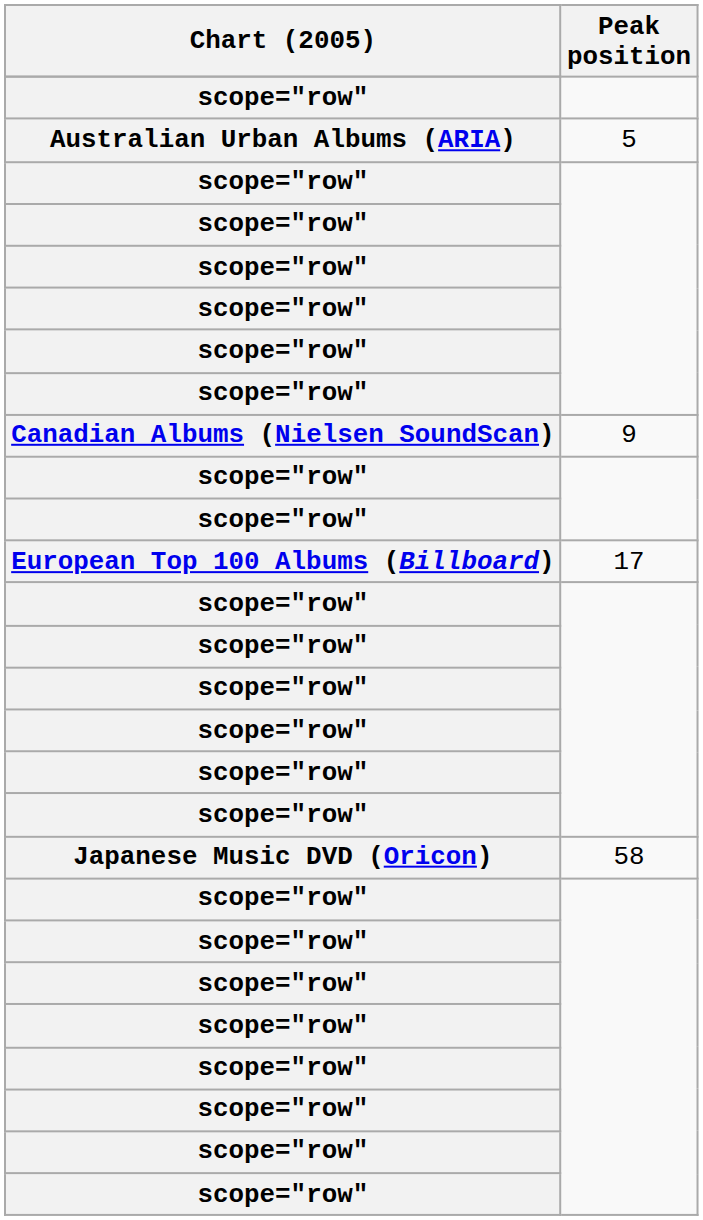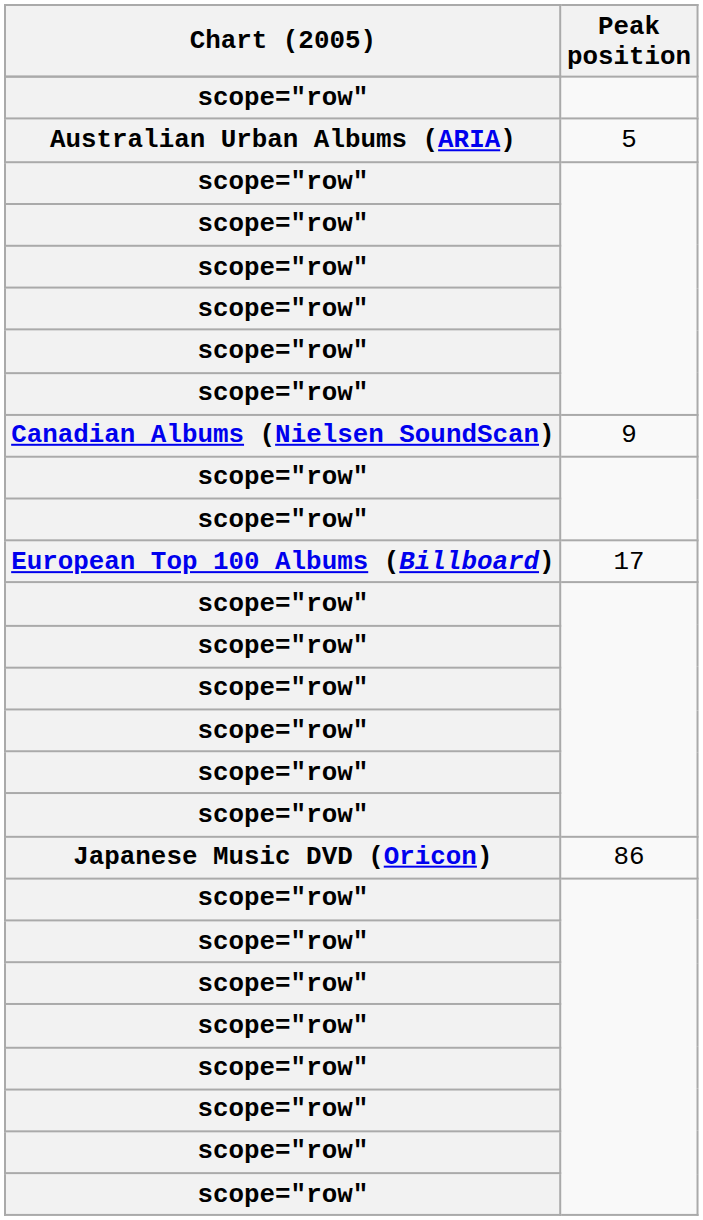 <table class="wikitable sortable plainrowheaders" style="text-align:center">
 <tr>
 <th scope="col">Chart (2005)</th>
 <th scope="col">Peak<br>position</th>
 </tr>
 <tr>
 </tr>
 <tr>
 <th>scope="row"</th>
 </tr>
 <tr>
 <th scope="row">Australian Urban Albums (<a href='#'>ARIA</a>)</th>
 <td>5</td>
 </tr>
 <tr>
 <th>scope="row"</th>
 </tr>
 <tr>
 <th>scope="row"</th>
 </tr>
 <tr>
 <th>scope="row"</th>
 </tr>
 <tr>
 <th>scope="row"</th>
 </tr>
 <tr>
 <th>scope="row"</th>
 </tr>
 <tr>
 <th>scope="row"</th>
 </tr>
 <tr>
 <th scope="row"><a href='#'>Canadian Albums</a> (<a href='#'>Nielsen SoundScan</a>)</th>
 <td>9</td>
 </tr>
 <tr>
 <th>scope="row"</th>
 </tr>
 <tr>
 <th>scope="row"</th>
 </tr>
 <tr>
 <th scope="row"><a href='#'>European Top 100 Albums</a> (<em><a href='#'>Billboard</a></em>)</th>
 <td>17</td>
 </tr>
 <tr>
 <th>scope="row"</th>
 </tr>
 <tr>
 <th>scope="row"</th>
 </tr>
 <tr>
 <th>scope="row"</th>
 </tr>
 <tr>
 <th>scope="row"</th>
 </tr>
 <tr>
 <th>scope="row"</th>
 </tr>
 <tr>
 <th>scope="row"</th>
 </tr>
 <tr>
 <th scope="row">Japanese Music DVD (<a href='#'>Oricon</a>)</th>
-<td>58</td>
+<td>86</td>
 </tr>
 <tr>
 <th>scope="row"</th>
 </tr>
 <tr>
 <th>scope="row"</th>
 </tr>
 <tr>
 <th>scope="row"</th>
 </tr>
 <tr>
 <th>scope="row"</th>
 </tr>
 <tr>
 <th>scope="row"</th>
 </tr>
 <tr>
 <th>scope="row"</th>
 </tr>
 <tr>
 <th>scope="row"</th>
 </tr>
 <tr>
 <th>scope="row"</th>
 </tr>
 </table>
